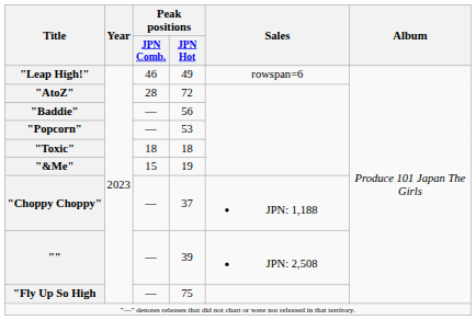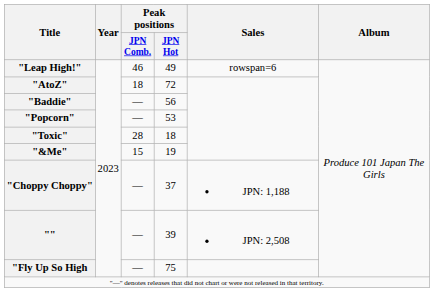 <table class="wikitable plainrowheaders" style="text-align:center;">
 <tr>
 <th rowspan=2>Title</th>
 <th rowspan=2>Year</th>
 <th scope="col" colspan="2">Peak positions</th>
 <th rowspan=2 style="width:12em;">Sales</th>
 <th rowspan=2 style="width:10em;">Album</th>
 </tr>
 <tr>
 <th scope="col" style="width:3em;font-size:90%;"><a href='#'>JPN<br>Comb.</a><br></th>
 <th scope="col" style="width:3em;font-size:90%;"><a href='#'>JPN<br>Hot</a><br></th>
 </tr>
 <tr>
 <th scope="row">"Leap High!"</th>
 <td rowspan="9">2023</td>
 <td>46</td>
 <td>49</td>
 <td>rowspan=6 </td>
 <td rowspan=9><em>Produce 101 Japan The Girls</em></td>
 </tr>
 <tr>
 <th scope="row">"AtoZ"</th>
-<td>28</td>
+<td>18</td>
 <td>72</td>
 </tr>
 <tr>
 <th scope="row">"Baddie"</th>
 <td>—</td>
 <td>56</td>
 </tr>
 <tr>
 <th scope="row">"Popcorn"</th>
 <td>—</td>
 <td>53</td>
 </tr>
 <tr>
 <th scope="row">"Toxic"</th>
-<td>18</td>
+<td>28</td>
 <td>18</td>
 </tr>
 <tr>
 <th scope="row">"&Me"</th>
 <td>15</td>
 <td>19</td>
 </tr>
 <tr>
 <th scope="row">"Choppy Choppy"</th>
 <td>—</td>
 <td>37</td>
 <td><br><ul><li>JPN: 1,188</li></ul></td>
 </tr>
 <tr>
 <th scope="row">""</th>
 <td>—</td>
 <td>39</td>
 <td><br><ul><li>JPN: 2,508</li></ul></td>
 </tr>
 <tr>
 <th scope="row">"Fly Up So High</th>
 <td>—</td>
 <td>75</td>
 <td></td>
 </tr>
 <tr>
 <td colspan="16" align="center" style="font-size:8pt">"—" denotes releases that did not chart or were not released in that territory.</td>
 </tr>
 </table>
